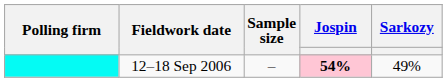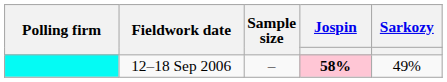 <table class="wikitable sortable" style="text-align:center;font-size:90%;line-height:14px;">
 <tr style="height:40px;">
 <th style="width:100px;" rowspan="2">Polling firm</th>
 <th style="width:110px;" rowspan="2">Fieldwork date</th>
 <th style="width:35px;" rowspan="2">Sample<br>size</th>
 <th class="unsortable" style="width:60px;"><a href='#'>Jospin</a><br></th>
 <th class="unsortable" style="width:60px;"><a href='#'>Sarkozy</a><br></th>
 </tr>
 <tr>
 <th style="background:"></th>
 <th style="background:"></th>
 </tr>
 <tr>
 <td style="background:#04FBF4;"></td>
 <td data-sort-value="2006-09-18">12–18 Sep 2006</td>
 <td>–</td>
-<td style="background:#FFC6D5;"><strong>54%</strong></td>
+<td style="background:#FFC6D5;"><strong>58%</strong></td>
 <td>49%</td>
 </tr>
 </table>
